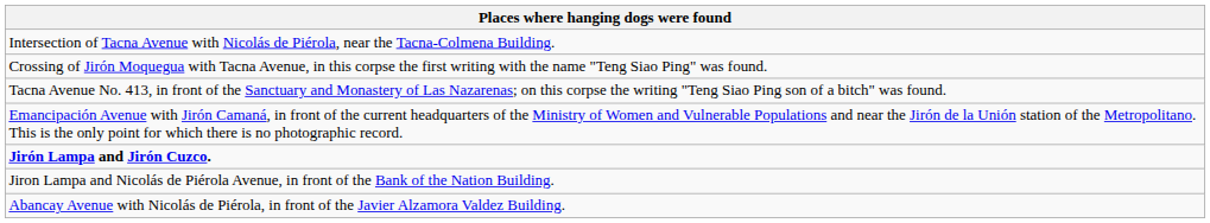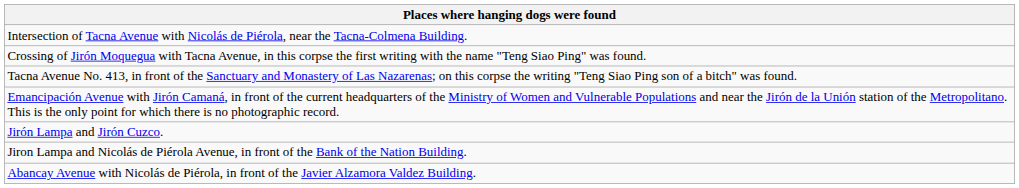 <table class="wikitable">
 <tr>
 <th>Places where hanging dogs were found</th>
 </tr>
 <tr>
 <td>Intersection of <a href='#'>Tacna Avenue</a> with <a href='#'>Nicolás de Piérola</a>, near the <a href='#'>Tacna-Colmena Building</a>.</td>
 </tr>
 <tr>
 <td>Crossing of <a href='#'>Jirón Moquegua</a> with Tacna Avenue, in this corpse the first writing with the name "Teng Siao Ping" was found.</td>
 </tr>
 <tr>
 <td>Tacna Avenue No. 413, in front of the <a href='#'>Sanctuary and Monastery of Las Nazarenas</a>; on this corpse the writing "Teng Siao Ping son of a bitch" was found.</td>
 </tr>
 <tr>
 <td><a href='#'>Emancipación Avenue</a> with <a href='#'>Jirón Camaná</a>, in front of the current headquarters of the <a href='#'>Ministry of Women and Vulnerable Populations</a> and near the <a href='#'>Jirón de la Unión</a> station of the <a href='#'>Metropolitano</a>. This is the only point for which there is no photographic record.</td>
 </tr>
 <tr>
-<td><strong><a href='#'>Jirón Lampa</a> and <a href='#'>Jirón Cuzco</a>.</strong></td>
+<td><a href='#'>Jirón Lampa</a> and <a href='#'>Jirón Cuzco</a>.</td>
 </tr>
 <tr>
 <td>Jiron Lampa and Nicolás de Piérola Avenue, in front of the <a href='#'>Bank of the Nation Building</a>.</td>
 </tr>
 <tr>
 <td><a href='#'>Abancay Avenue</a> with Nicolás de Piérola, in front of the <a href='#'>Javier Alzamora Valdez Building</a>.</td>
 </tr>
 </table>
